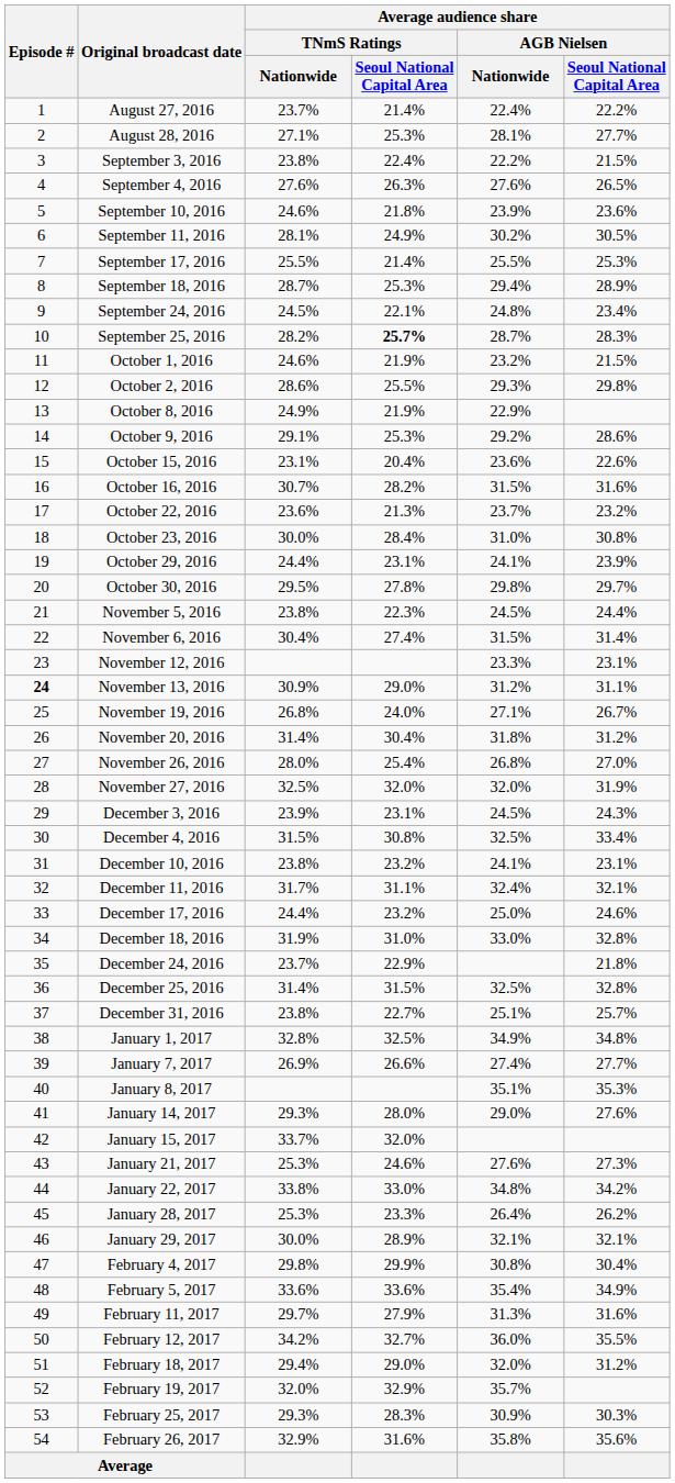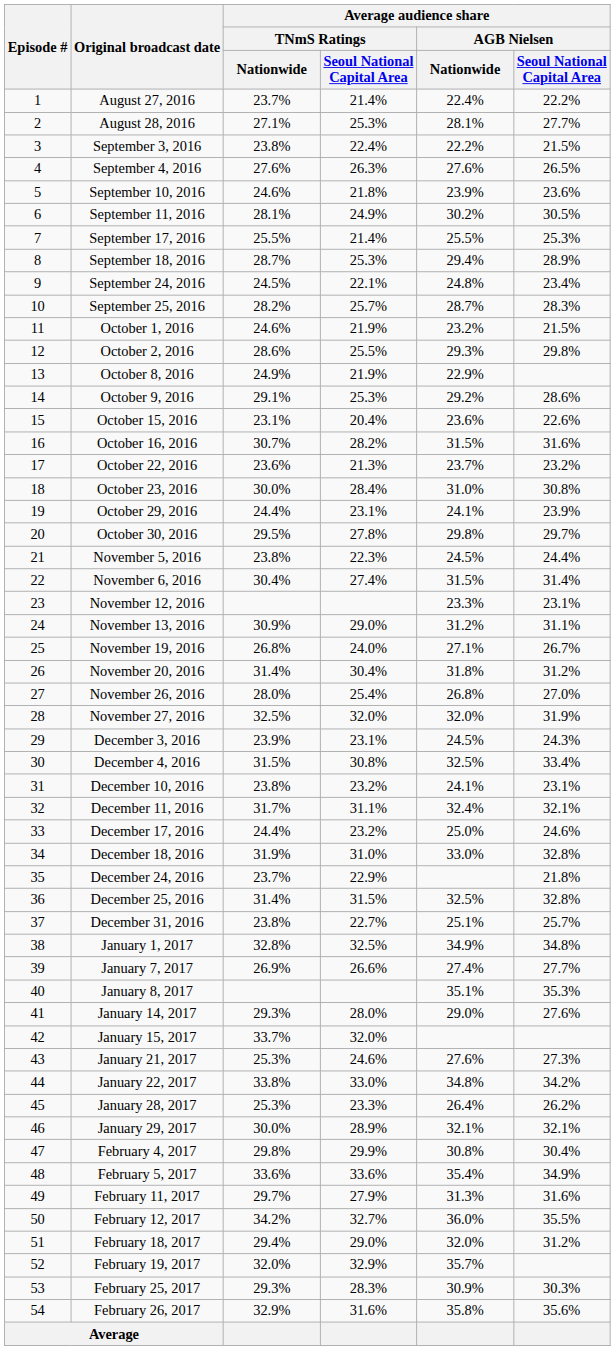 <table class="wikitable" style="text-align:center">
 <tr>
 <th rowspan="3">Episode #</th>
 <th rowspan="3">Original broadcast date</th>
 <th colspan="4">Average audience share</th>
 </tr>
 <tr>
 <th colspan="2">TNmS Ratings</th>
 <th colspan="2">AGB Nielsen</th>
 </tr>
 <tr>
 <th width=100>Nationwide</th>
 <th width=100><a href='#'>Seoul National Capital Area</a></th>
 <th width=100>Nationwide</th>
 <th width=100><a href='#'>Seoul National Capital Area</a></th>
 </tr>
 <tr>
 <td>1</td>
 <td>August 27, 2016</td>
 <td>23.7% </td>
 <td>21.4% </td>
 <td>22.4% </td>
 <td>22.2% </td>
 </tr>
 <tr>
 <td>2</td>
 <td>August 28, 2016</td>
 <td>27.1% </td>
 <td>25.3% </td>
 <td>28.1% </td>
 <td>27.7% </td>
 </tr>
 <tr>
 <td>3</td>
 <td>September 3, 2016</td>
 <td>23.8% </td>
 <td>22.4% </td>
 <td>22.2% </td>
 <td>21.5% </td>
 </tr>
 <tr>
 <td>4</td>
 <td>September 4, 2016</td>
 <td>27.6% </td>
 <td>26.3% </td>
 <td>27.6% </td>
 <td>26.5% </td>
 </tr>
 <tr>
 <td>5</td>
 <td>September 10, 2016</td>
 <td>24.6% </td>
 <td>21.8% </td>
 <td>23.9% </td>
 <td>23.6% </td>
 </tr>
 <tr>
 <td>6</td>
 <td>September 11, 2016</td>
 <td>28.1% </td>
 <td>24.9% </td>
 <td>30.2% </td>
 <td>30.5% </td>
 </tr>
 <tr>
 <td>7</td>
 <td>September 17, 2016</td>
 <td>25.5% </td>
 <td>21.4% </td>
 <td>25.5% </td>
 <td>25.3% </td>
 </tr>
 <tr>
 <td>8</td>
 <td>September 18, 2016</td>
 <td>28.7% </td>
 <td>25.3% </td>
 <td>29.4% </td>
 <td>28.9% </td>
 </tr>
 <tr>
 <td>9</td>
 <td>September 24, 2016</td>
 <td>24.5% </td>
 <td>22.1% </td>
 <td>24.8% </td>
 <td>23.4% </td>
 </tr>
 <tr>
 <td>10</td>
 <td>September 25, 2016</td>
 <td>28.2% </td>
-<td><strong>25.7% </strong></td>
+<td>25.7% </td>
 <td>28.7% </td>
 <td>28.3% </td>
 </tr>
 <tr>
 <td>11</td>
 <td>October 1, 2016</td>
 <td>24.6% </td>
 <td>21.9% </td>
 <td>23.2% </td>
 <td>21.5% </td>
 </tr>
 <tr>
 <td>12</td>
 <td>October 2, 2016</td>
 <td>28.6% </td>
 <td>25.5% </td>
 <td>29.3% </td>
 <td>29.8% </td>
 </tr>
 <tr>
 <td>13</td>
 <td>October 8, 2016</td>
 <td>24.9% </td>
 <td>21.9% </td>
 <td>22.9% </td>
 <td> </td>
 </tr>
 <tr>
 <td>14</td>
 <td>October 9, 2016</td>
 <td>29.1% </td>
 <td>25.3% </td>
 <td>29.2% </td>
 <td>28.6% </td>
 </tr>
 <tr>
 <td>15</td>
 <td>October 15, 2016</td>
 <td>23.1% </td>
 <td>20.4% </td>
 <td>23.6% </td>
 <td>22.6% </td>
 </tr>
 <tr>
 <td>16</td>
 <td>October 16, 2016</td>
 <td>30.7% </td>
 <td>28.2% </td>
 <td>31.5% </td>
 <td>31.6% </td>
 </tr>
 <tr>
 <td>17</td>
 <td>October 22, 2016</td>
 <td>23.6% </td>
 <td>21.3% </td>
 <td>23.7% </td>
 <td>23.2% </td>
 </tr>
 <tr>
 <td>18</td>
 <td>October 23, 2016</td>
 <td>30.0% </td>
 <td>28.4% </td>
 <td>31.0% </td>
 <td>30.8% </td>
 </tr>
 <tr>
 <td>19</td>
 <td>October 29, 2016</td>
 <td>24.4% </td>
 <td>23.1% </td>
 <td>24.1% </td>
 <td>23.9% </td>
 </tr>
 <tr>
 <td>20</td>
 <td>October 30, 2016</td>
 <td>29.5% </td>
 <td>27.8% </td>
 <td>29.8% </td>
 <td>29.7% </td>
 </tr>
 <tr>
 <td>21</td>
 <td>November 5, 2016</td>
 <td>23.8% </td>
 <td>22.3% </td>
 <td>24.5% </td>
 <td>24.4% </td>
 </tr>
 <tr>
 <td>22</td>
 <td>November 6, 2016</td>
 <td>30.4% </td>
 <td>27.4% </td>
 <td>31.5% </td>
 <td>31.4% </td>
 </tr>
 <tr>
 <td>23</td>
 <td>November 12, 2016</td>
 <td> </td>
 <td> </td>
 <td>23.3% </td>
 <td>23.1% </td>
 </tr>
 <tr>
-<td><strong>24</strong></td>
+<td>24</td>
 <td>November 13, 2016</td>
 <td>30.9% </td>
 <td>29.0% </td>
 <td>31.2% </td>
 <td>31.1% </td>
 </tr>
 <tr>
 <td>25</td>
 <td>November 19, 2016</td>
 <td>26.8% </td>
 <td>24.0% </td>
 <td>27.1% </td>
 <td>26.7% </td>
 </tr>
 <tr>
 <td>26</td>
 <td>November 20, 2016</td>
 <td>31.4% </td>
 <td>30.4% </td>
 <td>31.8% </td>
 <td>31.2% </td>
 </tr>
 <tr>
 <td>27</td>
 <td>November 26, 2016</td>
 <td>28.0% </td>
 <td>25.4% </td>
 <td>26.8% </td>
 <td>27.0% </td>
 </tr>
 <tr>
 <td>28</td>
 <td>November 27, 2016</td>
 <td>32.5% </td>
 <td>32.0% </td>
 <td>32.0% </td>
 <td>31.9% </td>
 </tr>
 <tr>
 <td>29</td>
 <td>December 3, 2016</td>
 <td>23.9% </td>
 <td>23.1% </td>
 <td>24.5% </td>
 <td>24.3% </td>
 </tr>
 <tr>
 <td>30</td>
 <td>December 4, 2016</td>
 <td>31.5% </td>
 <td>30.8% </td>
 <td>32.5% </td>
 <td>33.4% </td>
 </tr>
 <tr>
 <td>31</td>
 <td>December 10, 2016</td>
 <td>23.8% </td>
 <td>23.2% </td>
 <td>24.1% </td>
 <td>23.1% </td>
 </tr>
 <tr>
 <td>32</td>
 <td>December 11, 2016</td>
 <td>31.7% </td>
 <td>31.1% </td>
 <td>32.4% </td>
 <td>32.1% </td>
 </tr>
 <tr>
 <td>33</td>
 <td>December 17, 2016</td>
 <td>24.4% </td>
 <td>23.2% </td>
 <td>25.0% </td>
 <td>24.6% </td>
 </tr>
 <tr>
 <td>34</td>
 <td>December 18, 2016</td>
 <td>31.9% </td>
 <td>31.0% </td>
 <td>33.0% </td>
 <td>32.8% </td>
 </tr>
 <tr>
 <td>35</td>
 <td>December 24, 2016</td>
 <td>23.7% </td>
 <td>22.9% </td>
 <td> </td>
 <td>21.8% </td>
 </tr>
 <tr>
 <td>36</td>
 <td>December 25, 2016</td>
 <td>31.4% </td>
 <td>31.5% </td>
 <td>32.5% </td>
 <td>32.8% </td>
 </tr>
 <tr>
 <td>37</td>
 <td>December 31, 2016</td>
 <td>23.8% </td>
 <td>22.7% </td>
 <td>25.1% </td>
 <td>25.7% </td>
 </tr>
 <tr>
 <td>38</td>
 <td>January 1, 2017</td>
 <td>32.8% </td>
 <td>32.5% </td>
 <td>34.9% </td>
 <td>34.8% </td>
 </tr>
 <tr>
 <td>39</td>
 <td>January 7, 2017</td>
 <td>26.9% </td>
 <td>26.6% </td>
 <td>27.4% </td>
 <td>27.7% </td>
 </tr>
 <tr>
 <td>40</td>
 <td>January 8, 2017</td>
 <td> </td>
 <td> </td>
 <td>35.1% </td>
 <td>35.3% </td>
 </tr>
 <tr>
 <td>41</td>
 <td>January 14, 2017</td>
 <td>29.3% </td>
 <td>28.0% </td>
 <td>29.0% </td>
 <td>27.6% </td>
 </tr>
 <tr>
 <td>42</td>
 <td>January 15, 2017</td>
 <td>33.7% </td>
 <td>32.0% </td>
 <td> </td>
 <td> </td>
 </tr>
 <tr>
 <td>43</td>
 <td>January 21, 2017</td>
 <td>25.3% </td>
 <td>24.6% </td>
 <td>27.6% </td>
 <td>27.3% </td>
 </tr>
 <tr>
 <td>44</td>
 <td>January 22, 2017</td>
 <td>33.8% </td>
 <td>33.0% </td>
 <td>34.8% </td>
 <td>34.2% </td>
 </tr>
 <tr>
 <td>45</td>
 <td>January 28, 2017</td>
 <td>25.3% </td>
 <td>23.3% </td>
 <td>26.4% </td>
 <td>26.2% </td>
 </tr>
 <tr>
 <td>46</td>
 <td>January 29, 2017</td>
 <td>30.0% </td>
 <td>28.9% </td>
 <td>32.1% </td>
 <td>32.1% </td>
 </tr>
 <tr>
 <td>47</td>
 <td>February 4, 2017</td>
 <td>29.8% </td>
 <td>29.9% </td>
 <td>30.8% </td>
 <td>30.4% </td>
 </tr>
 <tr>
 <td>48</td>
 <td>February 5, 2017</td>
 <td>33.6% </td>
 <td>33.6% </td>
 <td>35.4% </td>
 <td>34.9% </td>
 </tr>
 <tr>
 <td>49</td>
 <td>February 11, 2017</td>
 <td>29.7% </td>
 <td>27.9% </td>
 <td>31.3% </td>
 <td>31.6% </td>
 </tr>
 <tr>
 <td>50</td>
 <td>February 12, 2017</td>
 <td>34.2% </td>
 <td>32.7% </td>
 <td>36.0% </td>
 <td>35.5% </td>
 </tr>
 <tr>
 <td>51</td>
 <td>February 18, 2017</td>
 <td>29.4% </td>
 <td>29.0% </td>
 <td>32.0% </td>
 <td>31.2% </td>
 </tr>
 <tr>
 <td>52</td>
 <td>February 19, 2017</td>
 <td>32.0% </td>
 <td>32.9% </td>
 <td>35.7% </td>
 <td> </td>
 </tr>
 <tr>
 <td>53</td>
 <td>February 25, 2017</td>
 <td>29.3% </td>
 <td>28.3% </td>
 <td>30.9% </td>
 <td>30.3% </td>
 </tr>
 <tr>
 <td>54</td>
 <td>February 26, 2017</td>
 <td>32.9% </td>
 <td>31.6% </td>
 <td>35.8% </td>
 <td>35.6% </td>
 </tr>
 <tr>
 <th colspan="2">Average</th>
 <th></th>
 <th></th>
 <th></th>
 <th></th>
 </tr>
 </table>
